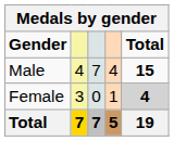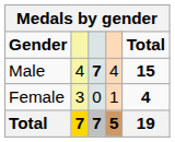 <table class="wikitable" style="text-align:center;font-size:90%">
 <tr style="background:#efefef;">
 <th colspan=7><strong>Medals by gender</strong></th>
 </tr>
 <tr>
 <td><strong>Gender</strong></td>
 <td bgcolor=#f7f6a8></td>
 <td bgcolor=#dce5e5></td>
 <td bgcolor=#ffdab9></td>
 <td><strong>Total</strong></td>
 </tr>
 <tr>
 <td style="text-align:left;">Male</td>
 <td style="background:#F7F6A8;">4</td>
-<td style="background:#DCE5E5;">7</td>
+<td style="background:#DCE5E5;"><strong>7</strong></td>
 <td style="background:#FFDAB9;">4</td>
 <td><strong>15</strong></td>
 </tr>
 <tr>
 <td style="text-align:left;">Female</td>
 <td style="background:#F7F6A8;">3</td>
 <td style="background:#DCE5E5;">0</td>
 <td style="background:#FFDAB9;">1</td>
-<td style="background: lightgrey;"><strong>4</strong></td>
+<td><strong>4</strong></td>
 </tr>
 <tr>
 <th style="text-align:left;"><strong>Total</strong></th>
 <th style="background:gold;"><strong>7</strong></th>
 <th style="background:silver;"><strong>7</strong></th>
 <th style="background:#c96;"><strong>5</strong></th>
 <th><strong>19</strong></th>
 </tr>
 </table>
